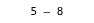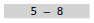 <table style="text-align:center">
 <tr>
 <th width=200></th>
 <th width=100></th>
 <th width=200></th>
 </tr>
 <tr>
 <td align=right></td>
-<td>5 – 8</td>
+<td style="background: lightgrey;">5 – 8</td>
 <td align=left><strong></strong></td>
 </tr>
 </table>
